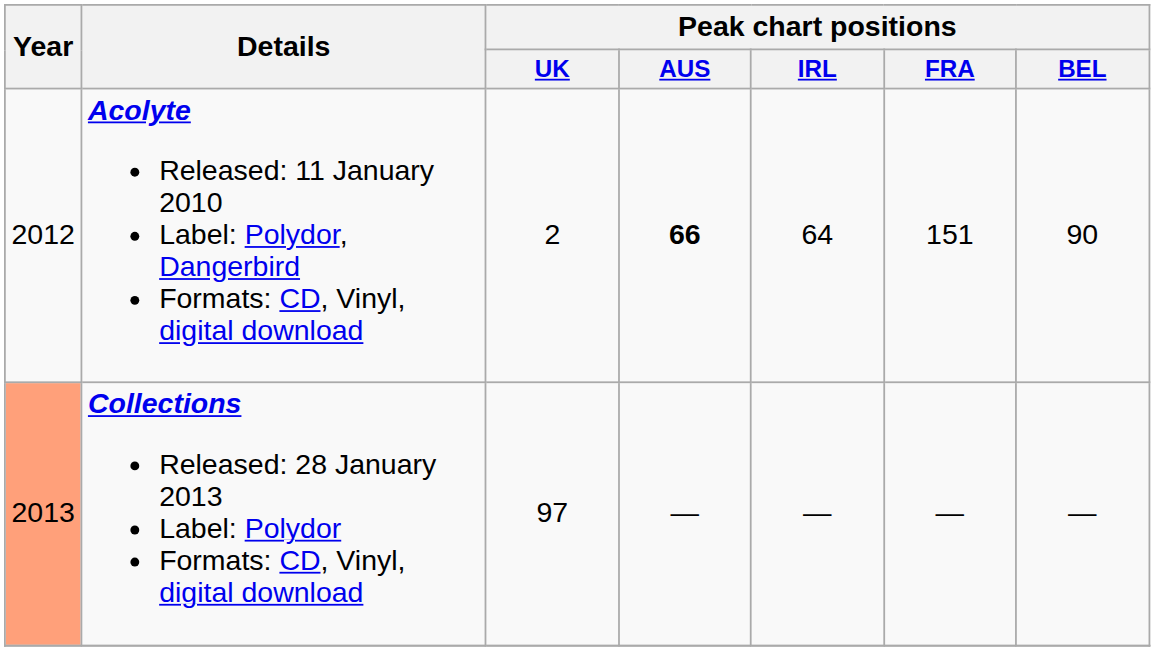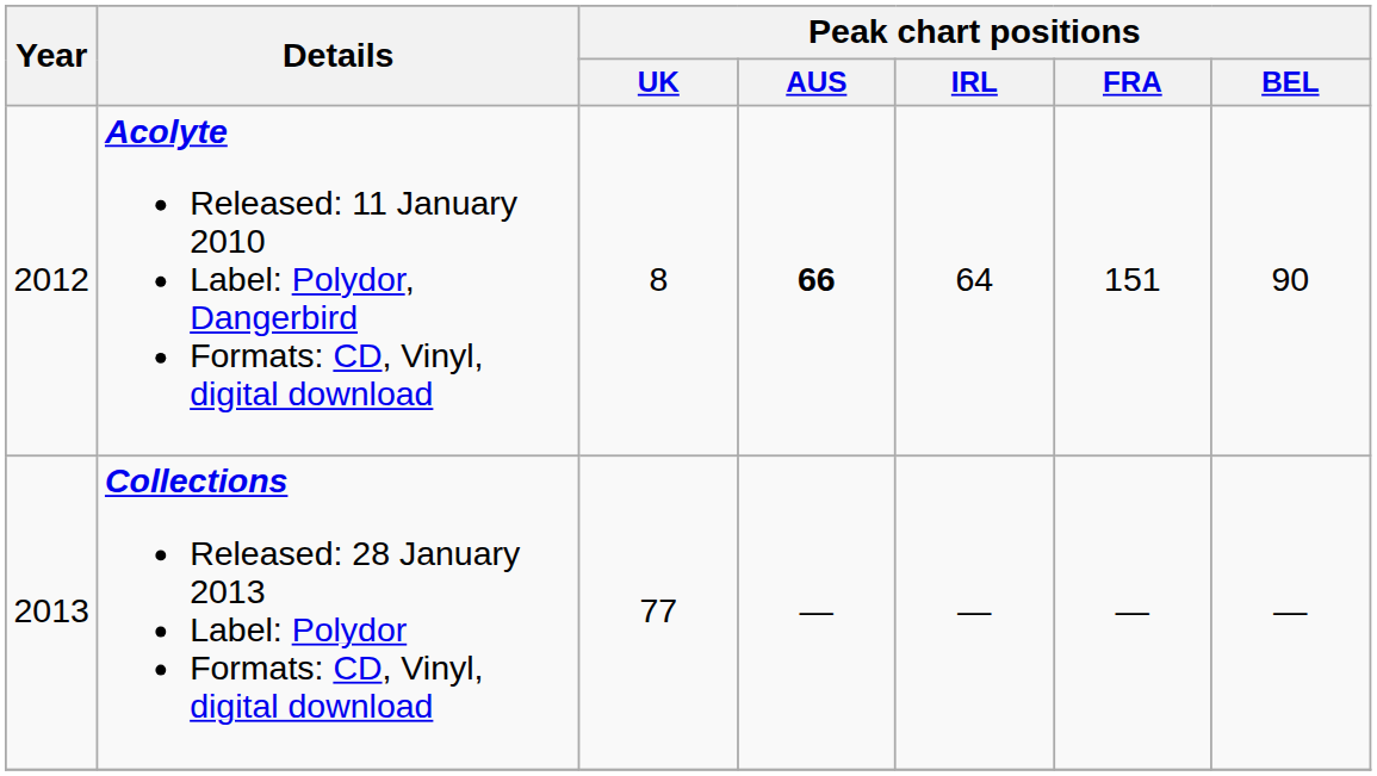 <table class="wikitable" style="text-align:center;">
 <tr>
 <th rowspan="2">Year</th>
 <th width="220" rowspan="2">Details</th>
 <th colspan="5">Peak chart positions</th>
 </tr>
 <tr>
 <th style="width:5em;font-size:85%"><a href='#'>UK</a><br></th>
 <th style="width:5em;font-size:85%"><a href='#'>AUS</a><br></th>
 <th style="width:5em;font-size:85%"><a href='#'>IRL</a><br></th>
 <th style="width:5em;font-size:85%"><a href='#'>FRA</a><br></th>
 <th style="width:5em;font-size:85%"><a href='#'>BEL</a><br></th>
 </tr>
 <tr>
 <td>2012</td>
 <td style="text-align:left;"><strong><em><a href='#'>Acolyte</a></em></strong><br><ul><li>Released: 11 January 2010</li><li>Label: <a href='#'>Polydor</a>, <a href='#'>Dangerbird</a></li><li>Formats: <a href='#'>CD</a>, Vinyl, <a href='#'>digital download</a></li></ul></td>
-<td>2</td>
+<td>8</td>
 <td><strong>66</strong></td>
 <td>64</td>
 <td>151</td>
 <td>90</td>
 </tr>
 <tr>
-<td style="background: lightsalmon;">2013</td>
+<td>2013</td>
 <td style="text-align:left;"><strong><em><a href='#'>Collections</a></em></strong><br><ul><li>Released: 28 January 2013</li><li>Label: <a href='#'>Polydor</a></li><li>Formats: <a href='#'>CD</a>, Vinyl, <a href='#'>digital download</a></li></ul></td>
-<td>97</td>
+<td>77</td>
 <td>—</td>
 <td>—</td>
 <td>—</td>
 <td>—</td>
 </tr>
 <tr>
 </tr>
 </table>
